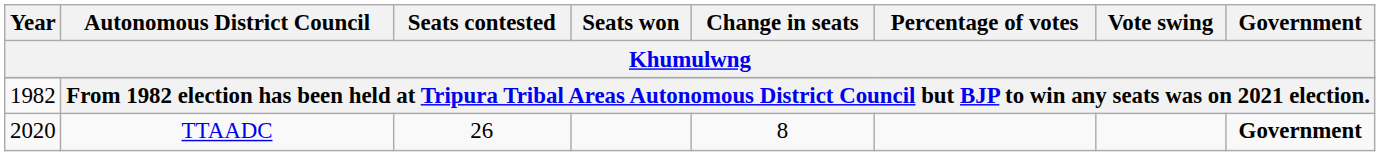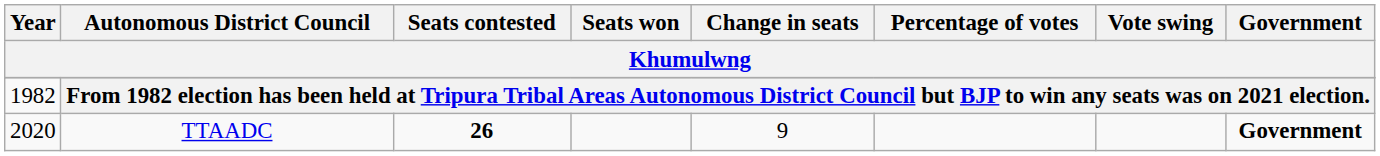 <table class="wikitable" style="text-align:center">
 <tr>
 <th Style="background-color:">Year</th>
 <th Style="background-color:">Autonomous District Council</th>
 <th Style="background-color:">Seats contested</th>
 <th Style="background-color:">Seats won</th>
 <th Style="background-color:">Change in seats</th>
 <th Style="background-color:">Percentage of votes</th>
 <th Style="background-color:">Vote swing</th>
 <th Style="background-color:">Government</th>
 </tr>
 <tr>
 <th colspan=8><a href='#'>Khumulwng</a></th>
 </tr>
 <tr>
 </tr>
 <tr>
 <td>1982</td>
 <th colspan=7>From 1982 election has been held at <a href='#'>Tripura Tribal Areas Autonomous District Council</a> but <a href='#'>BJP</a> to win any seats was on 2021 election.</th>
 </tr>
 <tr>
 <td>2020</td>
 <td><a href='#'>TTAADC</a></td>
-<td>26</td>
+<td><strong>26</strong></td>
 <td></td>
-<td> 8</td>
+<td> 9</td>
 <td></td>
 <td></td>
 <td><strong>Government</strong></td>
 </tr>
 </table>
